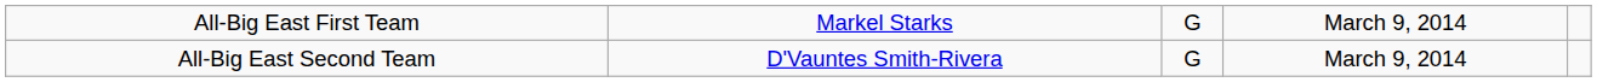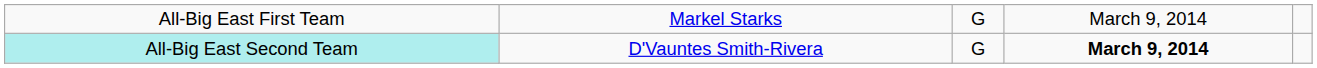 <table class="wikitable" style="width: 90%;text-align: center;">
 <tr align="center">
 <td rowspan="1">All-Big East First Team</td>
 <td><a href='#'>Markel Starks</a></td>
 <td>G</td>
 <td>March 9, 2014</td>
 <td></td>
 </tr>
 <tr align="center">
-<td rowspan="1">All-Big East Second Team</td>
+<td rowspan="1" style="background: paleturquoise;">All-Big East Second Team</td>
 <td><a href='#'>D'Vauntes Smith-Rivera</a></td>
 <td>G</td>
-<td>March 9, 2014</td>
+<td><strong>March 9, 2014</strong></td>
 <td></td>
 </tr>
 </table>
